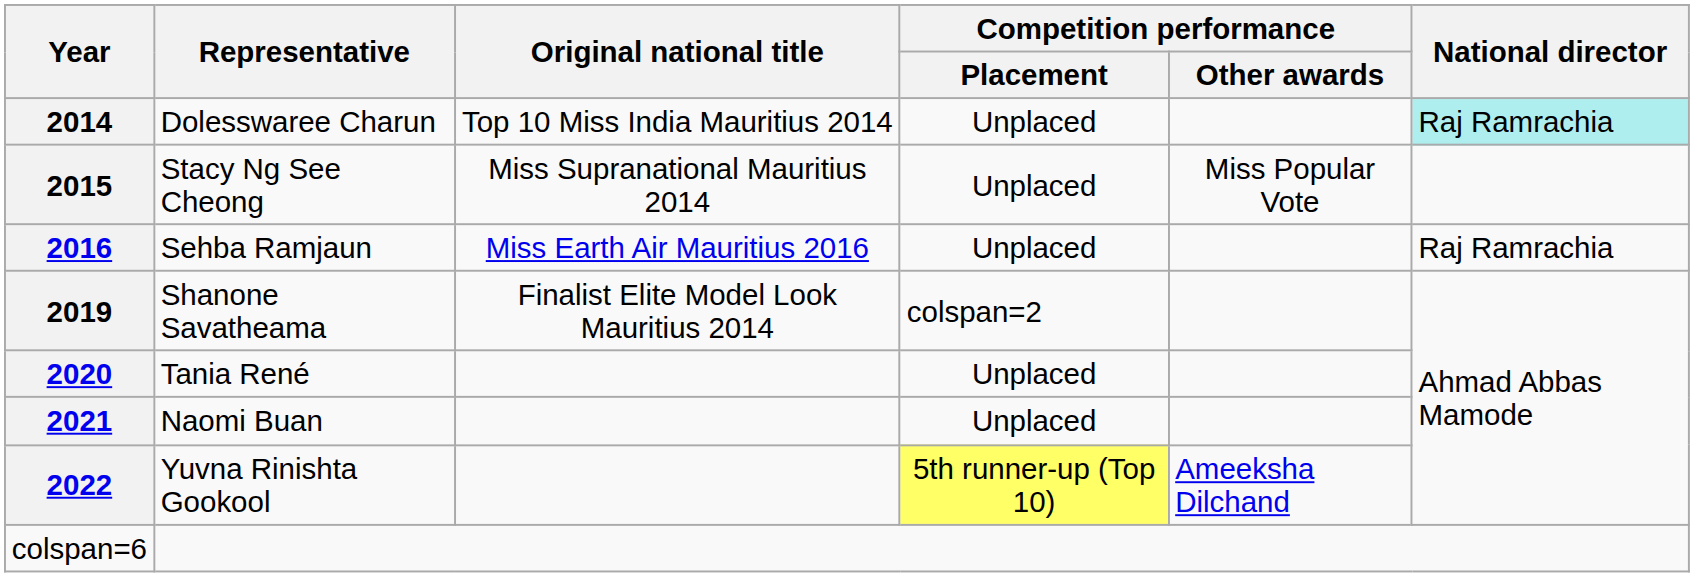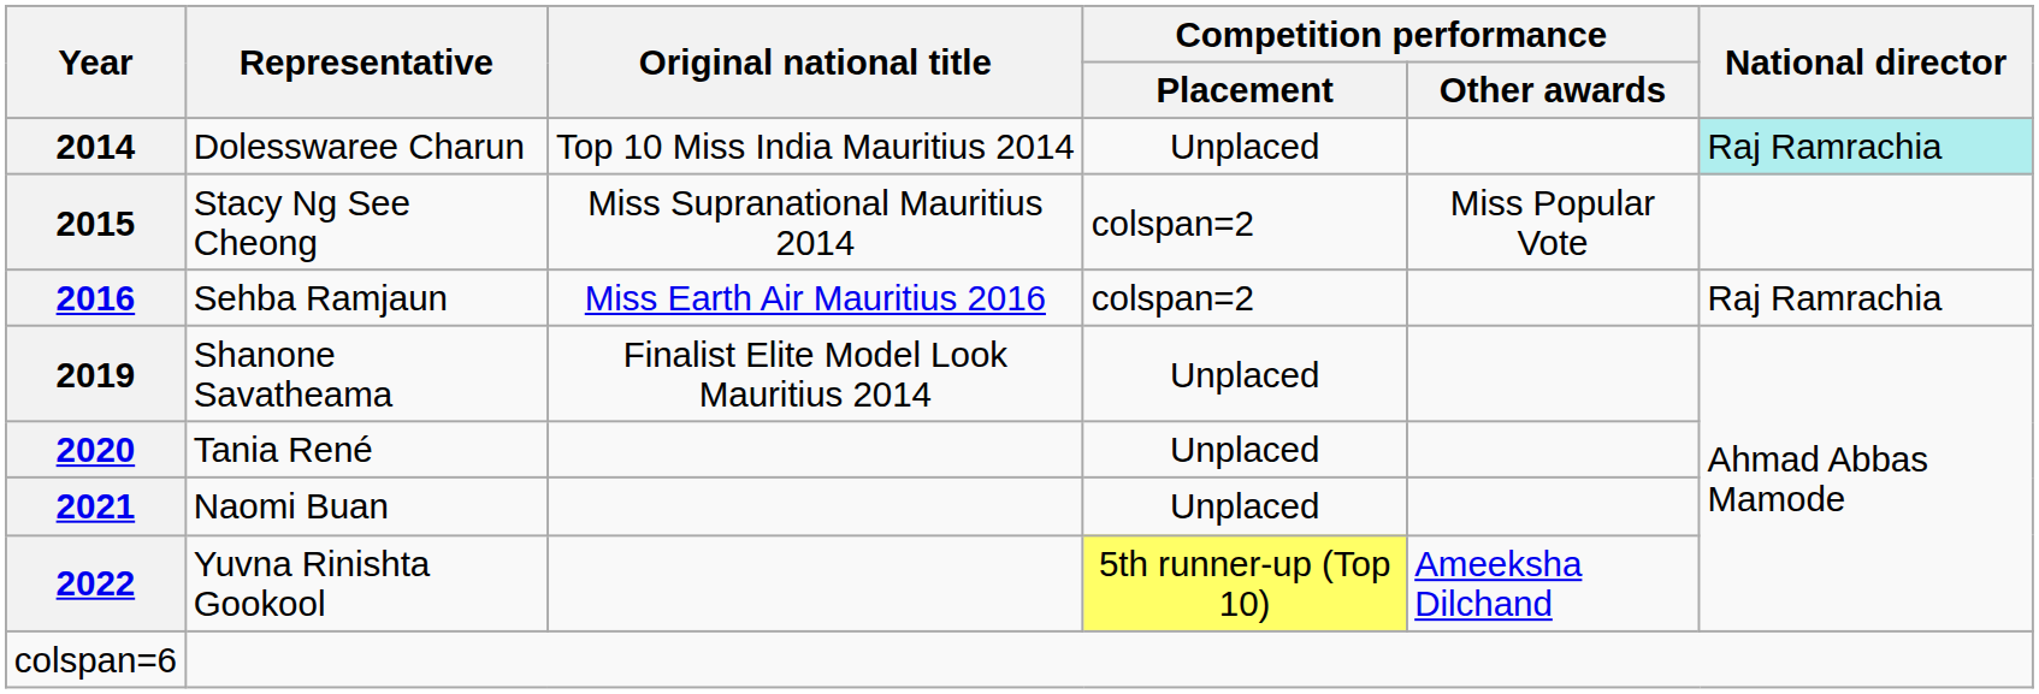 <table class="wikitable" style="font-size:95%;">
 <tr>
 <th rowspan=2>Year</th>
 <th rowspan=2>Representative</th>
 <th rowspan=2>Original national title</th>
 <th colspan=2>Competition performance</th>
 <th rowspan=2>National director</th>
 </tr>
 <tr>
 <th>Placement</th>
 <th>Other awards</th>
 </tr>
 <tr>
 <th>2014</th>
 <td>Dolesswaree Charun</td>
 <td align=center>Top 10 Miss India Mauritius 2014</td>
 <td align=center>Unplaced</td>
 <td></td>
 <td style="background: paleturquoise;">Raj Ramrachia</td>
 </tr>
 <tr>
 <th>2015</th>
 <td>Stacy Ng See Cheong</td>
 <td align=center>Miss Supranational Mauritius 2014</td>
-<td align=center>Unplaced</td>
+<td>colspan=2 </td>
 <td align=center>Miss Popular Vote</td>
 </tr>
 <tr>
 <th><a href='#'>2016</a></th>
 <td>Sehba Ramjaun</td>
 <td align=center><a href='#'>Miss Earth Air Mauritius 2016</a></td>
-<td align=center>Unplaced</td>
+<td>colspan=2 </td>
 <td></td>
 <td>Raj Ramrachia</td>
 </tr>
 <tr>
 <th>2019</th>
 <td>Shanone Savatheama</td>
 <td align=center>Finalist Elite Model Look Mauritius 2014</td>
-<td>colspan=2 </td>
+<td align=center>Unplaced</td>
 <td></td>
 <td rowspan=4>Ahmad Abbas Mamode<br></td>
 </tr>
 <tr>
 <th><a href='#'>2020</a></th>
 <td>Tania René</td>
 <td></td>
 <td align=center>Unplaced</td>
 <td></td>
 </tr>
 <tr>
 <th><a href='#'>2021</a></th>
 <td>Naomi Buan</td>
 <td align=center></td>
 <td align=center>Unplaced</td>
 <td></td>
 </tr>
 <tr>
 <th><a href='#'>2022</a></th>
 <td>Yuvna Rinishta Gookool</td>
 <td></td>
 <td bgcolor=#FFFF66 align=center>5th runner-up (Top 10)</td>
 <td><a href='#'>Ameeksha Dilchand</a></td>
 </tr>
 <tr>
 <td>colspan=6 </td>
 </tr>
 </table>
